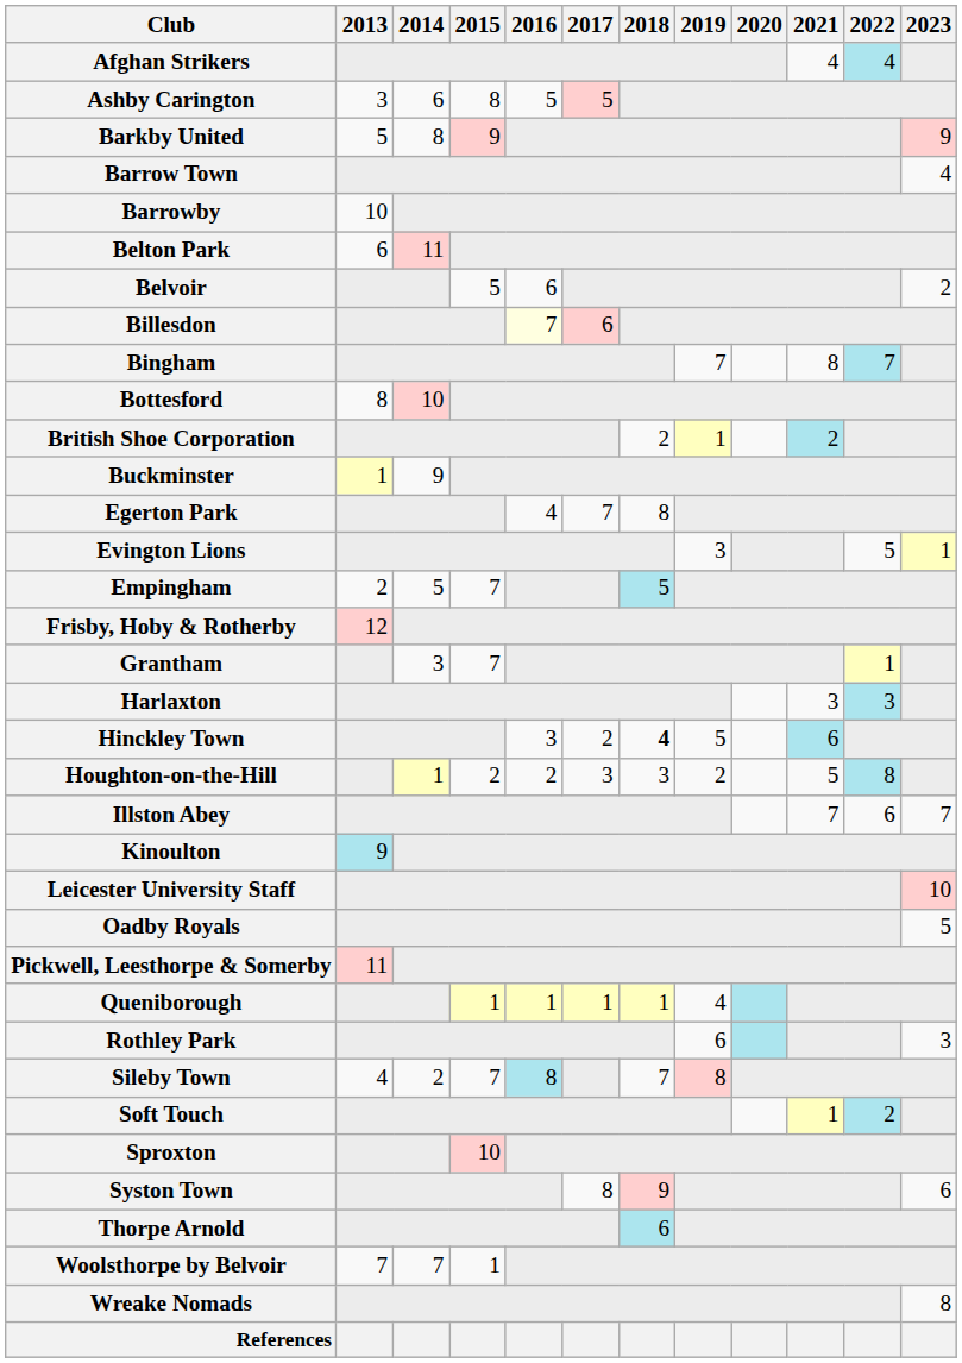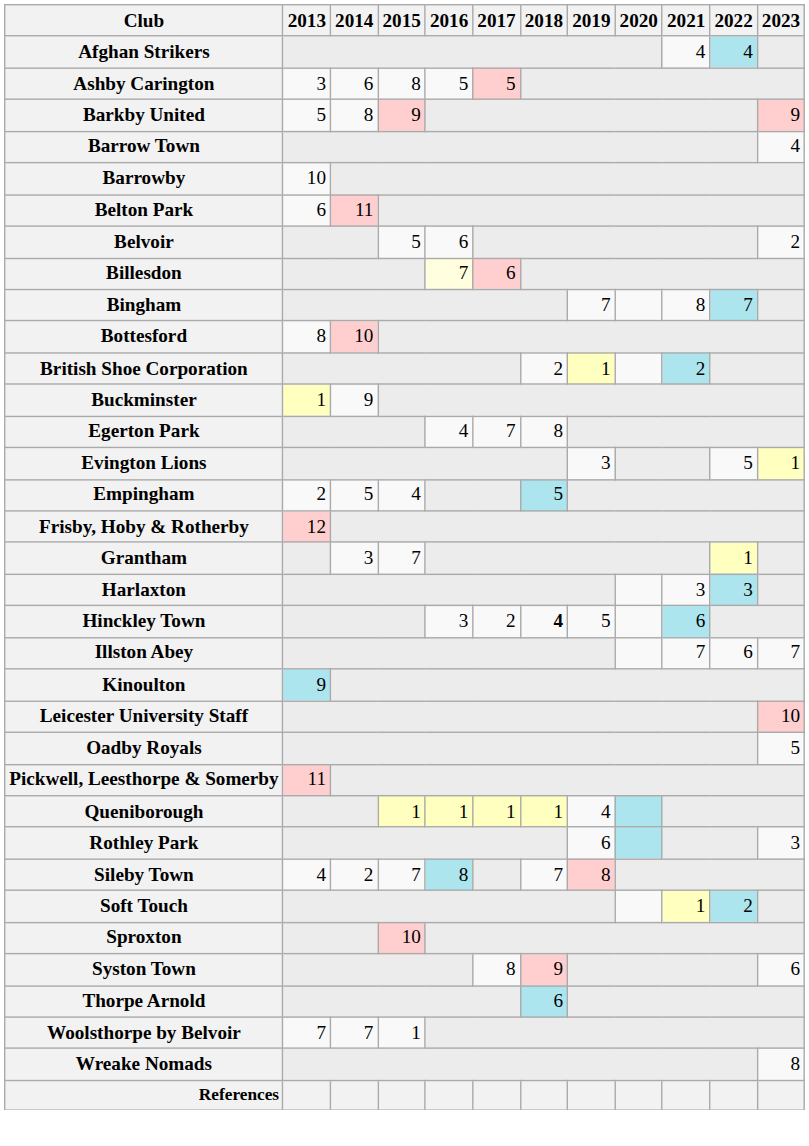 <table class="wikitable plainrowheaders" style="font-size:85%; text-align: right;">
 <tr>
 <th scope="col">Club</th>
 <th scope="col">2013</th>
 <th scope="col">2014</th>
 <th scope="col">2015</th>
 <th scope="col">2016</th>
 <th scope="col">2017</th>
 <th scope="col">2018</th>
 <th scope="col">2019</th>
 <th scope="col">2020</th>
 <th scope="col">2021</th>
 <th scope="col">2022</th>
 <th scope="col">2023</th>
 </tr>
 <tr>
 <th scope="row">Afghan Strikers</th>
 <td bgcolor="#ececec" colspan="8"></td>
 <td>4</td>
 <td bgcolor="#ace5ee">4</td>
 <td bgcolor="#ececec" colspan="1"></td>
 </tr>
 <tr>
 <th scope="row">Ashby Carington</th>
 <td>3</td>
 <td>6</td>
 <td>8</td>
 <td>5</td>
 <td bgcolor="#ffcfcf">5</td>
 <td bgcolor="#ececec" colspan="6"></td>
 </tr>
 <tr>
 <th scope="row">Barkby United</th>
 <td>5</td>
 <td>8</td>
 <td bgcolor="#ffcfcf">9</td>
 <td bgcolor="#ececec" colspan="7"></td>
 <td bgcolor="#ffcfcf">9</td>
 </tr>
 <tr>
 <th scope="row">Barrow Town</th>
 <td bgcolor="#ececec" colspan="10"></td>
 <td>4</td>
 </tr>
 <tr>
 <th scope="row">Barrowby</th>
 <td>10</td>
 <td bgcolor="#ececec" colspan="10"></td>
 </tr>
 <tr>
 <th scope="row">Belton Park</th>
 <td>6</td>
 <td bgcolor="#ffcfcf">11</td>
 <td bgcolor="#ececec" colspan="9"></td>
 </tr>
 <tr>
 <th scope="row">Belvoir</th>
 <td bgcolor="#ececec" colspan="2"></td>
 <td>5</td>
 <td>6</td>
 <td bgcolor="#ececec" colspan="6"></td>
 <td>2</td>
 </tr>
 <tr>
 <th scope="row">Billesdon</th>
 <td bgcolor="#ececec" colspan="3"></td>
 <td style="background: lightyellow;">7</td>
 <td bgcolor="#ffcfcf">6</td>
 <td bgcolor="#ececec" colspan="6"></td>
 </tr>
 <tr>
 <th scope="row">Bingham</th>
 <td bgcolor="#ececec" colspan="6"></td>
 <td>7</td>
 <td></td>
 <td>8</td>
 <td bgcolor="#ace5ee">7</td>
 <td bgcolor="#ececec" colspan="1"></td>
 </tr>
 <tr>
 <th scope="row">Bottesford</th>
 <td>8</td>
 <td bgcolor="#ffcfcf">10</td>
 <td bgcolor="#ececec" colspan="9"></td>
 </tr>
 <tr>
 <th scope="row">British Shoe Corporation</th>
 <td bgcolor="#ececec" colspan="5"></td>
 <td>2</td>
 <td bgcolor="#ffffbf">1</td>
 <td></td>
 <td bgcolor="#ace5ee">2</td>
 <td bgcolor="#ececec" colspan="2"></td>
 </tr>
 <tr>
 <th scope="row">Buckminster </th>
 <td bgcolor="#ffffbf">1</td>
 <td>9</td>
 <td bgcolor="#ececec" colspan="9"></td>
 </tr>
 <tr>
 <th scope="row">Egerton Park</th>
 <td bgcolor="#ececec" colspan="3"></td>
 <td>4</td>
 <td>7</td>
 <td>8</td>
 <td bgcolor="#ececec" colspan="5"></td>
 </tr>
 <tr>
 <th scope="row">Evington Lions</th>
 <td bgcolor="#ececec" colspan="6"></td>
 <td>3</td>
 <td bgcolor="#ececec" colspan="2"></td>
 <td>5</td>
 <td bgcolor="#ffffbf">1</td>
 </tr>
 <tr>
 <th scope="row">Empingham</th>
 <td>2</td>
 <td>5</td>
-<td>7</td>
+<td>4</td>
 <td bgcolor="#ececec" colspan="2"></td>
 <td bgcolor="#ace5ee">5</td>
 <td bgcolor="#ececec" colspan="5"></td>
 </tr>
 <tr>
 <th scope="row">Frisby, Hoby & Rotherby</th>
 <td bgcolor="#ffcfcf">12</td>
 <td bgcolor="#ececec" colspan="10"></td>
 </tr>
 <tr>
 <th scope="row">Grantham</th>
 <td bgcolor="#ececec"></td>
 <td>3</td>
 <td>7</td>
 <td bgcolor="#ececec" colspan="6"></td>
 <td bgcolor="#ffffbf">1</td>
 <td bgcolor="#ececec" colspan="1"></td>
 </tr>
 <tr>
 <th scope="row">Harlaxton</th>
 <td bgcolor="#ececec" colspan="7"></td>
 <td></td>
 <td>3</td>
 <td bgcolor="#ace5ee">3</td>
 <td bgcolor="#ececec" colspan="1"></td>
 </tr>
 <tr>
 <th scope="row">Hinckley Town</th>
 <td bgcolor="#ececec" colspan="3"></td>
 <td>3</td>
 <td>2</td>
 <td><strong>4</strong></td>
 <td>5</td>
 <td></td>
 <td bgcolor="#ace5ee">6</td>
 <td bgcolor="#ececec" colspan="2"></td>
-</tr>
-<tr>
-<th scope="row">Houghton-on-the-Hill</th>
-<td bgcolor="#ececec"></td>
-<td bgcolor="#ffffbf">1</td>
-<td>2</td>
-<td>2</td>
-<td>3</td>
-<td>3</td>
-<td>2</td>
-<td></td>
-<td>5</td>
-<td bgcolor="#ace5ee">8</td>
-<td bgcolor="#ececec" colspan="1"></td>
 </tr>
 <tr>
 <th scope="row">Illston Abey</th>
 <td bgcolor="#ececec" colspan="7"></td>
 <td></td>
 <td>7</td>
 <td>6</td>
 <td>7</td>
 </tr>
 <tr>
 <th scope="row">Kinoulton</th>
 <td bgcolor="#ace5ee">9</td>
 <td bgcolor="#ececec" colspan="10"></td>
 </tr>
 <tr>
 <th scope="row">Leicester University Staff</th>
 <td bgcolor="#ececec" colspan="10"></td>
 <td bgcolor="#ffcfcf">10</td>
 </tr>
 <tr>
 <th scope="row">Oadby Royals</th>
 <td bgcolor="#ececec" colspan="10"></td>
 <td>5</td>
 </tr>
 <tr>
 <th scope="row">Pickwell, Leesthorpe & Somerby</th>
 <td bgcolor="#ffcfcf">11</td>
 <td bgcolor="#ececec" colspan="10"></td>
 </tr>
 <tr>
 <th scope="row">Queniborough</th>
 <td bgcolor="#ececec" colspan="2"></td>
 <td bgcolor="#ffffbf">1</td>
 <td bgcolor="#ffffbf">1</td>
 <td bgcolor="#ffffbf">1</td>
 <td bgcolor="#ffffbf">1</td>
 <td>4</td>
 <td bgcolor="#ace5ee"></td>
 <td bgcolor="#ececec" colspan="3"></td>
 </tr>
 <tr>
 <th scope="row">Rothley Park</th>
 <td bgcolor="#ececec" colspan="6"></td>
 <td>6</td>
 <td bgcolor="#ace5ee"></td>
 <td bgcolor="#ececec" colspan="2"></td>
 <td>3</td>
 </tr>
 <tr>
 <th scope="row">Sileby Town</th>
 <td>4</td>
 <td>2</td>
 <td>7</td>
 <td bgcolor="#ace5ee">8</td>
 <td bgcolor="#ececec"></td>
 <td>7</td>
 <td bgcolor="#ffcfcf">8</td>
 <td bgcolor="#ececec" colspan="4"></td>
 </tr>
 <tr>
 <th scope="row">Soft Touch</th>
 <td bgcolor="#ececec" colspan="7"></td>
 <td></td>
 <td bgcolor="#ffffbf">1</td>
 <td bgcolor="#ace5ee">2</td>
 <td bgcolor="#ececec" colspan="1"></td>
 </tr>
 <tr>
 <th scope="row">Sproxton</th>
 <td bgcolor="#ececec" colspan="2"></td>
 <td bgcolor="#ffcfcf">10</td>
 <td bgcolor="#ececec" colspan="8"></td>
 </tr>
 <tr>
 <th scope="row">Syston Town</th>
 <td bgcolor="#ececec" colspan="4"></td>
 <td>8</td>
 <td bgcolor="#ffcfcf">9</td>
 <td bgcolor="#ececec" colspan="4"></td>
 <td>6</td>
 </tr>
 <tr>
 <th scope="row">Thorpe Arnold</th>
 <td bgcolor="#ececec" colspan="5"></td>
 <td bgcolor="#ace5ee">6</td>
 <td bgcolor="#ececec" colspan="5"></td>
 </tr>
 <tr>
 <th scope="row">Woolsthorpe by Belvoir</th>
 <td>7</td>
 <td>7</td>
 <td>1</td>
 <td bgcolor="#ececec" colspan="8"></td>
 </tr>
 <tr>
 <th scope="row">Wreake Nomads</th>
 <td bgcolor="#ececec" colspan="10"></td>
 <td>8</td>
 </tr>
 <tr style="font-size:90%; text-align:center">
 <th scope="row" style="text-align: right">References</th>
 <th scope="col"></th>
 <th scope="col"></th>
 <th scope="col"></th>
 <th scope="col"></th>
 <th scope="col"></th>
 <th scope="col"></th>
 <th scope="col"></th>
 <th scope="col"></th>
 <th scope="col"></th>
 <th scope="col"></th>
 <th scope="col"></th>
 </tr>
 </table>
